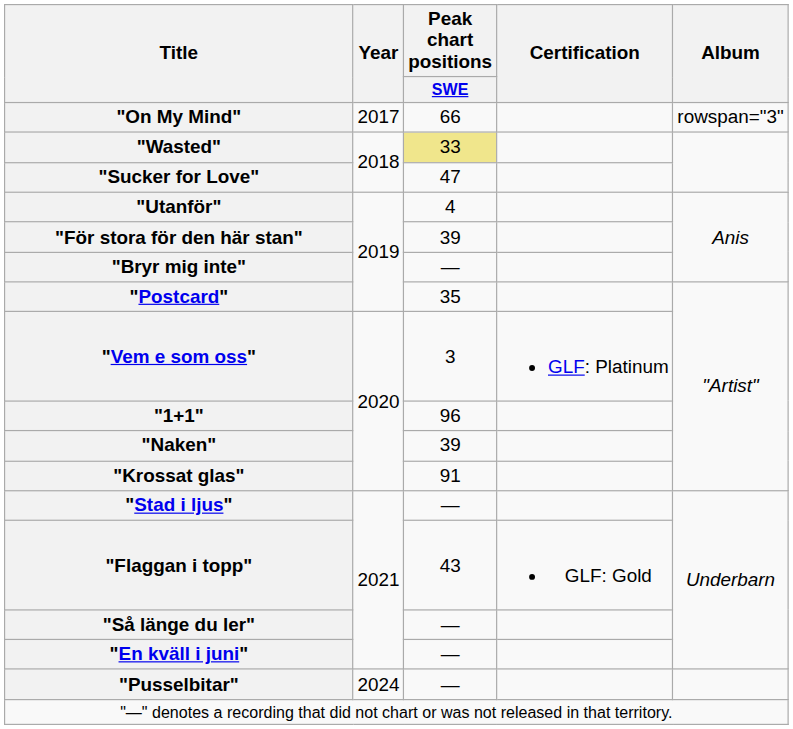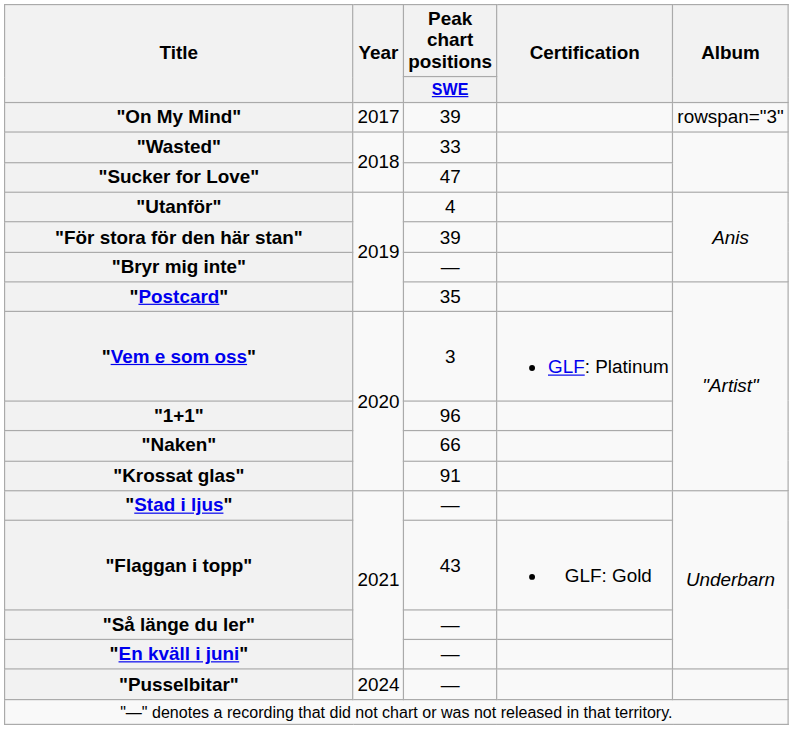 <table class="wikitable plainrowheaders" style="text-align:center;">
 <tr>
 <th scope="col" rowspan="2" style="width:18em;">Title</th>
 <th scope="col" rowspan="2" style="width:1em;">Year</th>
 <th scope="col" colspan="1">Peak chart positions</th>
 <th scope="col" rowspan="2">Certification</th>
 <th scope="col" rowspan="2">Album</th>
 </tr>
 <tr>
 <th scope="col" style="width:3em;font-size:85%;"><a href='#'>SWE</a><br></th>
 </tr>
 <tr>
 <th scope="row">"On My Mind"</th>
 <td>2017</td>
-<td>66</td>
+<td>39</td>
 <td></td>
 <td>rowspan="3" </td>
 </tr>
 <tr>
 <th scope="row">"Wasted"<br></th>
 <td rowspan="2">2018</td>
-<td style="background: khaki;">33</td>
+<td>33</td>
 <td></td>
 </tr>
 <tr>
 <th scope="row">"Sucker for Love"</th>
 <td>47</td>
 <td></td>
 </tr>
 <tr>
 <th scope="row">"Utanför"<br></th>
 <td rowspan="4">2019</td>
 <td>4<br></td>
 <td></td>
 <td rowspan="3"><em>Anis</em></td>
 </tr>
 <tr>
 <th scope="row">"För stora för den här stan"<br></th>
 <td>39</td>
 <td></td>
 </tr>
 <tr>
 <th scope="row">"Bryr mig inte"<br></th>
 <td>—</td>
 <td></td>
 </tr>
 <tr>
 <th scope="row">"<a href='#'>Postcard</a>"<br></th>
 <td>35</td>
 <td></td>
 <td rowspan="5"><em>"Artist"</em></td>
 </tr>
 <tr>
 <th scope="row">"<a href='#'>Vem e som oss</a>"</th>
 <td rowspan="4">2020</td>
 <td>3</td>
 <td><br><ul><li><a href='#'>GLF</a>: Platinum</li></ul></td>
 </tr>
 <tr>
 <th scope="row">"1+1"<br></th>
 <td>96</td>
 <td></td>
 </tr>
 <tr>
 <th scope="row">"Naken"<br></th>
-<td>39</td>
+<td>66</td>
 <td></td>
 </tr>
 <tr>
 <th scope="row">"Krossat glas"<br></th>
 <td>91</td>
 <td></td>
 </tr>
 <tr>
 <th scope="row">"<a href='#'>Stad i ljus</a>"<br></th>
 <td rowspan="4">2021</td>
 <td>—</td>
 <td></td>
 <td rowspan="4"><em>Underbarn</em></td>
 </tr>
 <tr>
 <th scope="row">"Flaggan i topp"<br></th>
 <td>43</td>
 <td><br><ul><li>GLF: Gold</li></ul></td>
 </tr>
 <tr>
 <th scope="row">"Så länge du ler"</th>
 <td>—</td>
 <td></td>
 </tr>
 <tr>
 <th scope="row">"<a href='#'>En kväll i juni</a>"</th>
 <td>—</td>
 <td></td>
 </tr>
 <tr>
 <th scope="row">"Pusselbitar"</th>
 <td>2024</td>
 <td>—</td>
 <td></td>
 <td></td>
 </tr>
 <tr>
 <td colspan="15" style="font-size:85%">"—" denotes a recording that did not chart or was not released in that territory.</td>
 </tr>
 </table>
